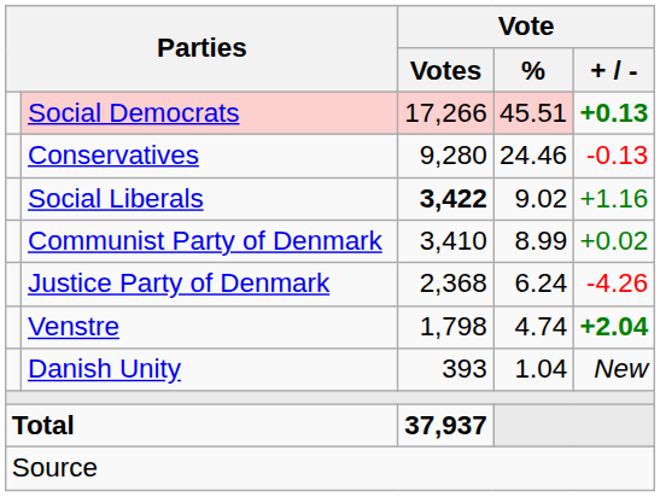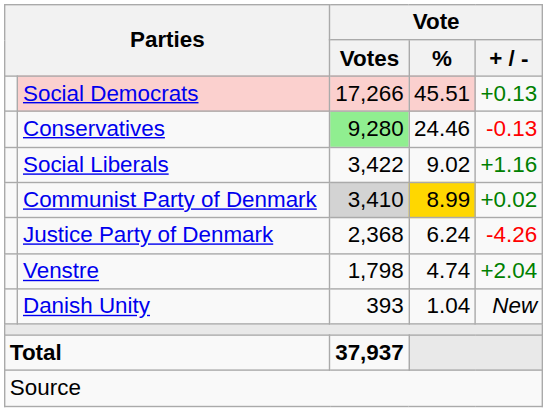 <table class="wikitable" style="text-align:right;">
 <tr>
 <th style="text-align:centre;" rowspan="2" colspan="2" width="225">Parties</th>
 <th colspan="3">Vote</th>
 </tr>
 <tr>
 <th width="15">Votes</th>
 <th width="15">%</th>
 <th width="15">+ / -</th>
 </tr>
 <tr>
 <td width="2" style="color:inherit;background:"></td>
 <td bgcolor=#fbd0ce  align="left"><a href='#'>Social Democrats</a></td>
 <td bgcolor=#fbd0ce>17,266</td>
 <td bgcolor=#fbd0ce>45.51</td>
-<td style=color:green;><strong>+0.13</strong></td>
+<td style=color:green;>+0.13</td>
 </tr>
 <tr>
 <td width="2" style="color:inherit;background:"></td>
 <td align="left"><a href='#'>Conservatives</a></td>
-<td>9,280</td>
+<td style="background: lightgreen;">9,280</td>
 <td>24.46</td>
 <td style=color:red;>-0.13</td>
 </tr>
 <tr>
 <td width="2" style="color:inherit;background:"></td>
 <td align="left"><a href='#'>Social Liberals</a></td>
-<td><strong>3,422</strong></td>
+<td>3,422</td>
 <td>9.02</td>
 <td style=color:green;>+1.16</td>
 </tr>
 <tr>
 <td width="2" style="color:inherit;background:"></td>
 <td align="left"><a href='#'>Communist Party of Denmark</a></td>
-<td>3,410</td>
-<td>8.99</td>
+<td style="background: lightgrey;">3,410</td>
+<td style="background: gold;">8.99</td>
 <td style=color:green;>+0.02</td>
 </tr>
 <tr>
 <td width="2" style="color:inherit;background:"></td>
 <td align="left"><a href='#'>Justice Party of Denmark</a></td>
 <td>2,368</td>
 <td>6.24</td>
 <td style=color:red;>-4.26</td>
 </tr>
 <tr>
 <td width="2" style="color:inherit;background:"></td>
 <td align="left"><a href='#'>Venstre</a></td>
 <td>1,798</td>
 <td>4.74</td>
-<td style=color:green;><strong>+2.04</strong></td>
+<td style=color:green;>+2.04</td>
 </tr>
 <tr>
 <td width="2" style="color:inherit;background:"></td>
 <td align="left"><a href='#'>Danish Unity</a></td>
 <td>393</td>
 <td>1.04</td>
 <td><em>New</em></td>
 </tr>
 <tr>
 <td colspan="7" bgcolor="#E9E9E9"></td>
 </tr>
 <tr>
 <td align="left" colspan="2"><strong>Total</strong></td>
 <td><strong>37,937</strong></td>
 <td bgcolor="#E9E9E9" colspan="2"></td>
 </tr>
 <tr>
 <td align="left" colspan="6">Source</td>
 </tr>
 </table>
